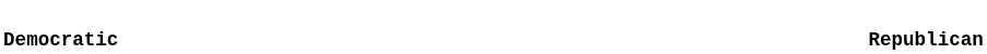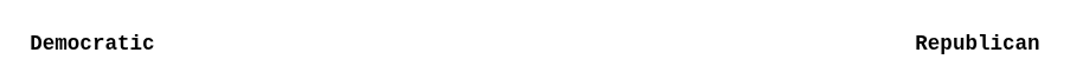 <table style="width:70%; text-align:center">
 <tr style="color:white">
 <td style="background:"><strong>216</strong></td>
-<td style="background:"><strong>1</strong></td>
 <td style="background:"><strong>218</strong></td>
 </tr>
 <tr>
 <td><span><strong>Democratic</strong></span></td>
-<td></td>
 <td><span><strong>Republican</strong></span></td>
 </tr>
 </table>
